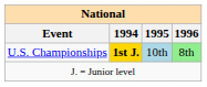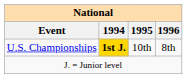 <table class="wikitable" style="text-align:center">
 <tr>
 <th style="background-color: #ffdead; " colspan=4 align=center>National</th>
 </tr>
 <tr>
 <th>Event</th>
 <th>1994</th>
 <th>1995</th>
 <th>1996</th>
 </tr>
 <tr>
 <td align=left><a href='#'>U.S. Championships</a></td>
 <td bgcolor=gold><strong>1st J.</strong></td>
-<td style="background: lightblue;">10th</td>
-<td style="background: lightgreen;">8th</td>
+<td>10th</td>
+<td>8th</td>
 </tr>
 <tr>
 <td colspan=4 align=center><small> J. = Junior level </small></td>
 </tr>
 </table>
